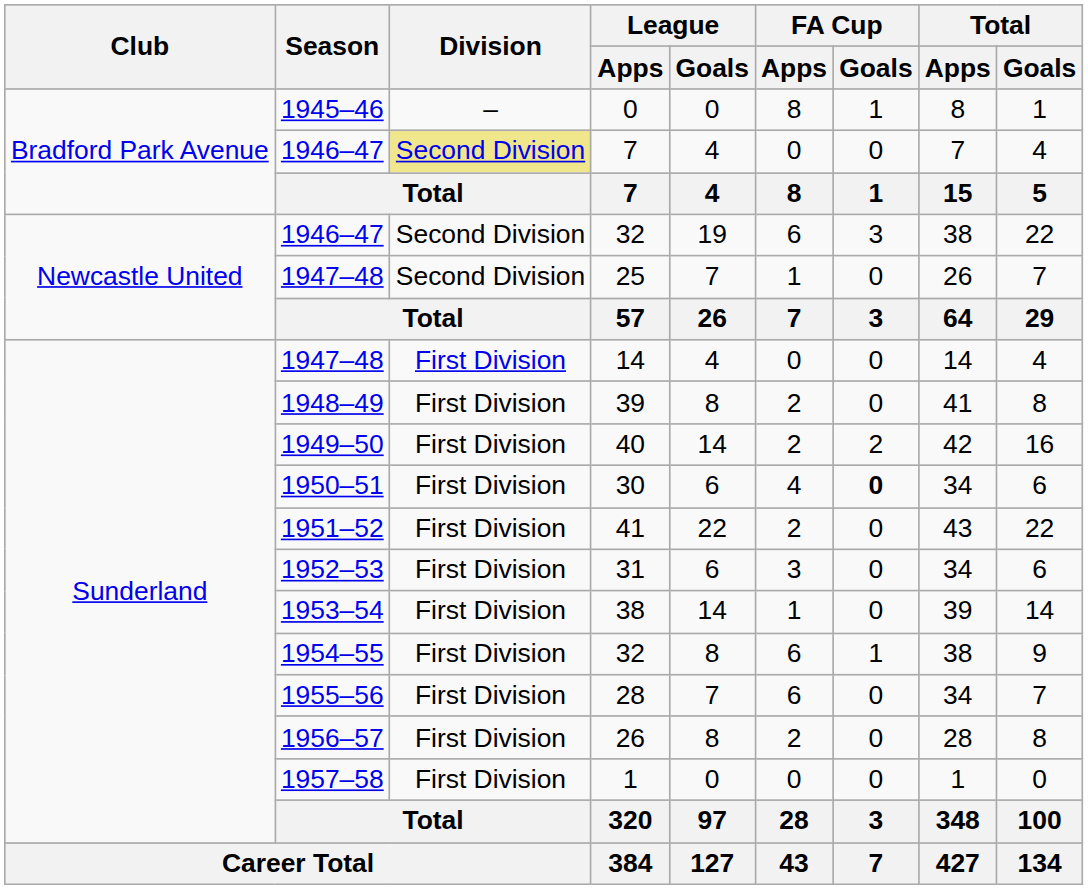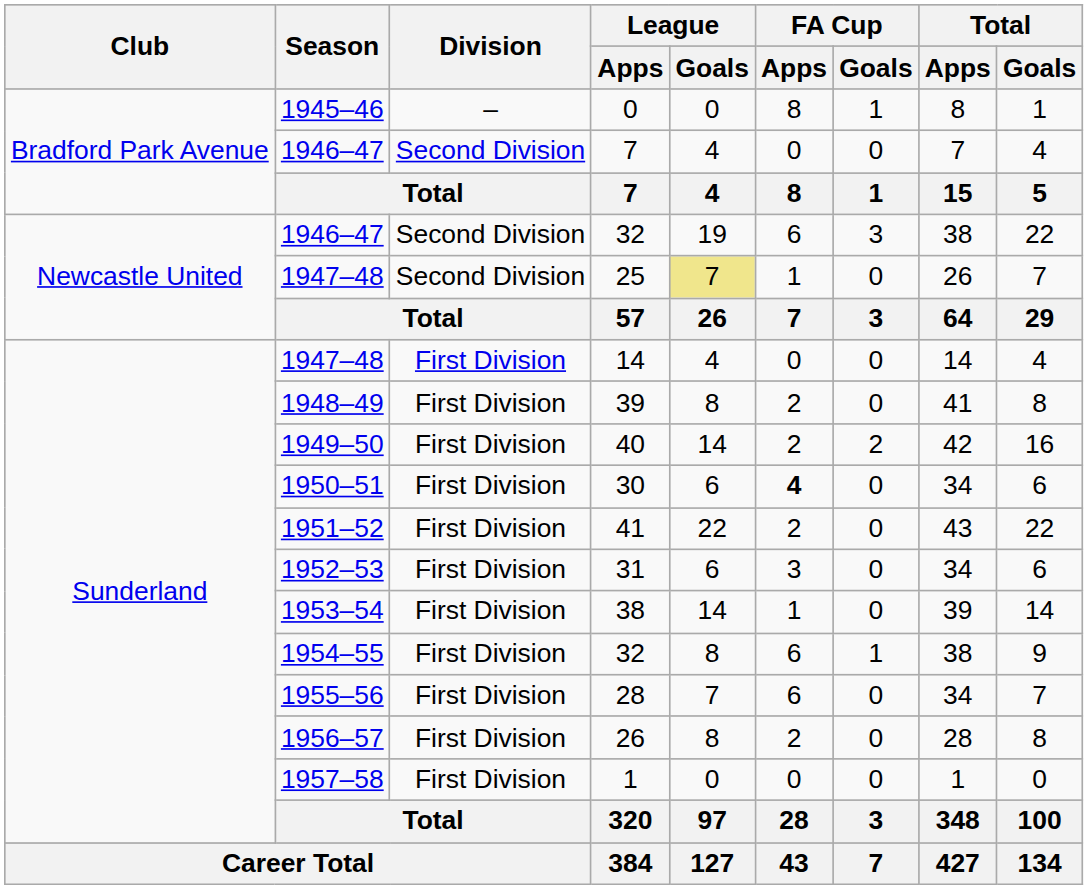 <table class="wikitable" style="text-align: center;">
 <tr>
 <th rowspan="2">Club</th>
 <th rowspan="2">Season</th>
 <th rowspan="2">Division</th>
 <th colspan="2">League</th>
 <th colspan="2">FA Cup</th>
 <th colspan="2">Total</th>
 </tr>
 <tr>
 <th>Apps</th>
 <th>Goals</th>
 <th>Apps</th>
 <th>Goals</th>
 <th>Apps</th>
 <th>Goals</th>
 </tr>
 <tr>
 <td rowspan="3"><a href='#'>Bradford Park Avenue</a></td>
 <td><a href='#'>1945–46</a></td>
 <td>–</td>
 <td>0</td>
 <td>0</td>
 <td>8</td>
 <td>1</td>
 <td>8</td>
 <td>1</td>
 </tr>
 <tr>
 <td><a href='#'>1946–47</a></td>
-<td style="background: khaki;"><a href='#'>Second Division</a></td>
+<td><a href='#'>Second Division</a></td>
 <td>7</td>
 <td>4</td>
 <td>0</td>
 <td>0</td>
 <td>7</td>
 <td>4</td>
 </tr>
 <tr>
 <th colspan="2">Total</th>
 <th>7</th>
 <th>4</th>
 <th>8</th>
 <th>1</th>
 <th>15</th>
 <th>5</th>
 </tr>
 <tr>
 <td rowspan="3"><a href='#'>Newcastle United</a></td>
 <td><a href='#'>1946–47</a></td>
 <td>Second Division</td>
 <td>32</td>
 <td>19</td>
 <td>6</td>
 <td>3</td>
 <td>38</td>
 <td>22</td>
 </tr>
 <tr>
 <td><a href='#'>1947–48</a></td>
 <td>Second Division</td>
 <td>25</td>
-<td>7</td>
+<td style="background: khaki;">7</td>
 <td>1</td>
 <td>0</td>
 <td>26</td>
 <td>7</td>
 </tr>
 <tr>
 <th colspan="2">Total</th>
 <th>57</th>
 <th>26</th>
 <th>7</th>
 <th>3</th>
 <th>64</th>
 <th>29</th>
 </tr>
 <tr>
 <td rowspan="12"><a href='#'>Sunderland</a></td>
 <td><a href='#'>1947–48</a></td>
 <td><a href='#'>First Division</a></td>
 <td>14</td>
 <td>4</td>
 <td>0</td>
 <td>0</td>
 <td>14</td>
 <td>4</td>
 </tr>
 <tr>
 <td><a href='#'>1948–49</a></td>
 <td>First Division</td>
 <td>39</td>
 <td>8</td>
 <td>2</td>
 <td>0</td>
 <td>41</td>
 <td>8</td>
 </tr>
 <tr>
 <td><a href='#'>1949–50</a></td>
 <td>First Division</td>
 <td>40</td>
 <td>14</td>
 <td>2</td>
 <td>2</td>
 <td>42</td>
 <td>16</td>
 </tr>
 <tr>
 <td><a href='#'>1950–51</a></td>
 <td>First Division</td>
 <td>30</td>
 <td>6</td>
-<td>4</td>
-<td><strong>0</strong></td>
+<td><strong>4</strong></td>
+<td>0</td>
 <td>34</td>
 <td>6</td>
 </tr>
 <tr>
 <td><a href='#'>1951–52</a></td>
 <td>First Division</td>
 <td>41</td>
 <td>22</td>
 <td>2</td>
 <td>0</td>
 <td>43</td>
 <td>22</td>
 </tr>
 <tr>
 <td><a href='#'>1952–53</a></td>
 <td>First Division</td>
 <td>31</td>
 <td>6</td>
 <td>3</td>
 <td>0</td>
 <td>34</td>
 <td>6</td>
 </tr>
 <tr>
 <td><a href='#'>1953–54</a></td>
 <td>First Division</td>
 <td>38</td>
 <td>14</td>
 <td>1</td>
 <td>0</td>
 <td>39</td>
 <td>14</td>
 </tr>
 <tr>
 <td><a href='#'>1954–55</a></td>
 <td>First Division</td>
 <td>32</td>
 <td>8</td>
 <td>6</td>
 <td>1</td>
 <td>38</td>
 <td>9</td>
 </tr>
 <tr>
 <td><a href='#'>1955–56</a></td>
 <td>First Division</td>
 <td>28</td>
 <td>7</td>
 <td>6</td>
 <td>0</td>
 <td>34</td>
 <td>7</td>
 </tr>
 <tr>
 <td><a href='#'>1956–57</a></td>
 <td>First Division</td>
 <td>26</td>
 <td>8</td>
 <td>2</td>
 <td>0</td>
 <td>28</td>
 <td>8</td>
 </tr>
 <tr>
 <td><a href='#'>1957–58</a></td>
 <td>First Division</td>
 <td>1</td>
 <td>0</td>
 <td>0</td>
 <td>0</td>
 <td>1</td>
 <td>0</td>
 </tr>
 <tr>
 <th colspan="2">Total</th>
 <th>320</th>
 <th>97</th>
 <th>28</th>
 <th>3</th>
 <th>348</th>
 <th>100</th>
 </tr>
 <tr>
 <th colspan="3">Career Total</th>
 <th>384</th>
 <th>127</th>
 <th>43</th>
 <th>7</th>
 <th>427</th>
 <th>134</th>
 </tr>
 </table>
